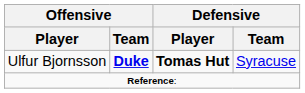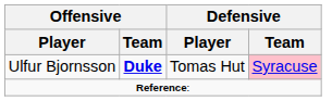 <table class="wikitable" style="text-align: center;">
 <tr>
 <th colspan="2">Offensive</th>
 <th colspan="2">Defensive</th>
 </tr>
 <tr>
 <th>Player</th>
 <th>Team</th>
 <th>Player</th>
 <th>Team</th>
 </tr>
 <tr>
 <td>Ulfur Bjornsson</td>
 <td><strong><a href='#'>Duke</a></strong></td>
-<td><strong>Tomas Hut</strong></td>
-<td><a href='#'>Syracuse</a></td>
+<td>Tomas Hut</td>
+<td style="background: pink;"><a href='#'>Syracuse</a></td>
 </tr>
 <tr>
 <td colspan="4"  style="font-size:8pt; text-align:center;"><strong>Reference</strong>:</td>
 </tr>
 </table>
